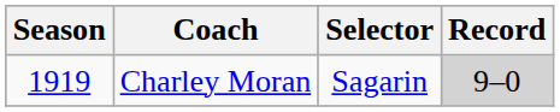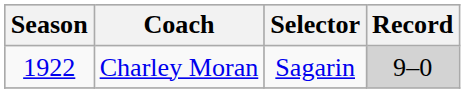 <table class="wikitable" style="text-align:center">
 <tr>
 <th width=px>Season</th>
 <th width=px>Coach</th>
 <th width=px>Selector</th>
 <th width=px>Record</th>
 </tr>
 <tr>
-<td><a href='#'>1919</a></td>
+<td><a href='#'>1922</a></td>
 <td><a href='#'>Charley Moran</a></td>
 <td><a href='#'>Sagarin</a></td>
 <td style="background: lightgrey;">9–0</td>
 </tr>
 </table>
